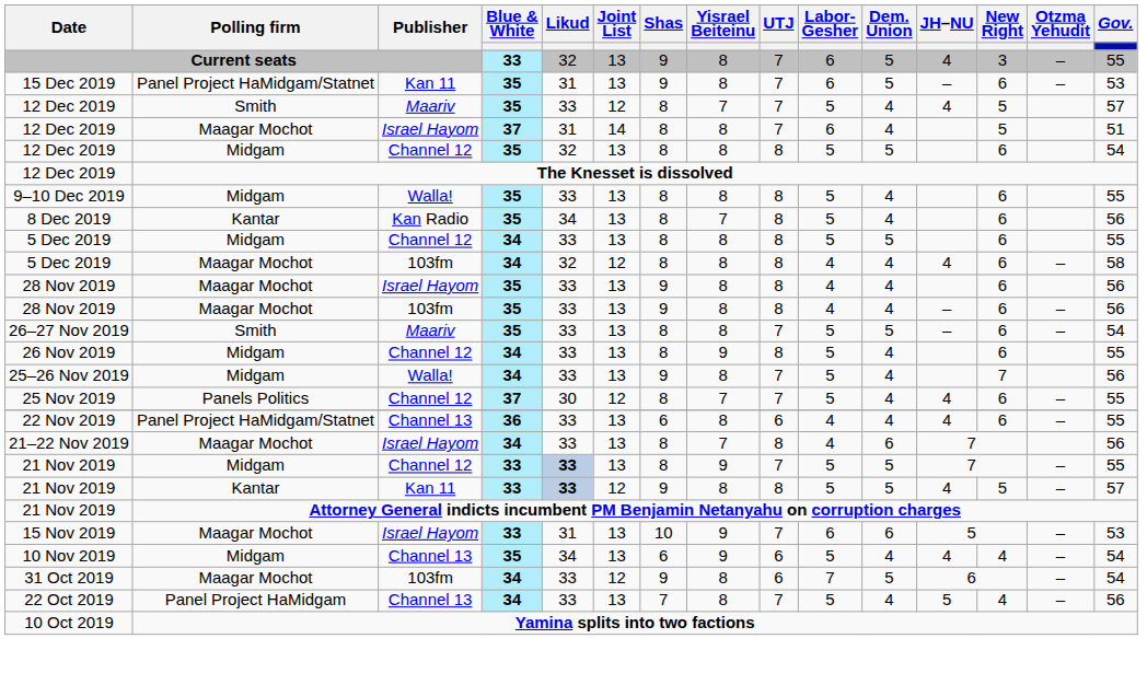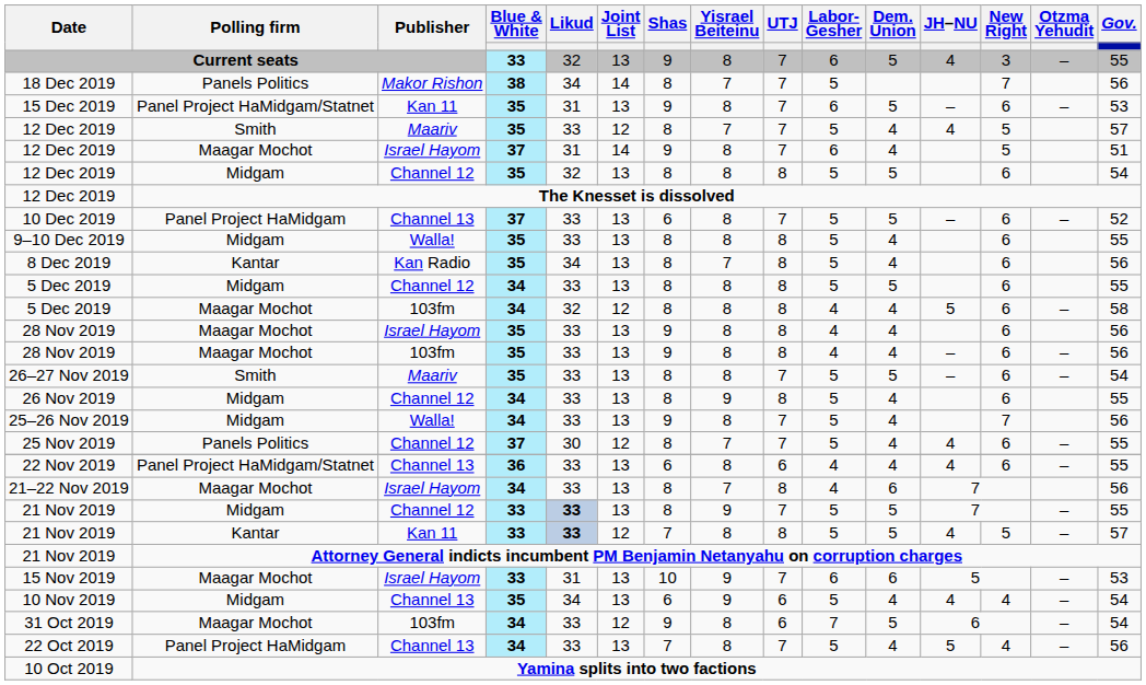 <table class="wikitable sortable" style="text-align:center;font-size:90%;line-height:13px">
 <tr>
 <th rowspan=2>Date</th>
 <th rowspan=2>Polling firm</th>
 <th rowspan=2>Publisher</th>
 <th><a href='#'>Blue &<br>White</a></th>
 <th><a href='#'>Likud</a></th>
 <th><a href='#'>Joint<br>List</a></th>
 <th><a href='#'>Shas</a></th>
 <th><a href='#'>Yisrael<br>Beiteinu</a></th>
 <th><a href='#'>UTJ</a></th>
 <th><a href='#'>Labor-<br>Gesher</a></th>
 <th><a href='#'>Dem.<br>Union</a></th>
 <th><a href='#'>JH</a>–<a href='#'>NU</a></th>
 <th><a href='#'>New<br>Right</a></th>
 <th><a href='#'>Otzma<br>Yehudit</a></th>
 <th><a href='#'><em>Gov.</em></a></th>
 </tr>
 <tr>
 <th style="background:"></th>
 <th style="background:"></th>
 <th style="background:"></th>
 <th style="background:"></th>
 <th style="background:"></th>
 <th style="background:"></th>
 <th style="background:"></th>
 <th style="background:"></th>
 <th style="background:"></th>
 <th style="background:"></th>
 <th style="background:"></th>
 <th style="background:#000EA3;"></th>
 </tr>
 <tr style="background:silver">
 <td colspan=3><strong>Current seats</strong></td>
 <td style="background:#B2EDFB"><strong>33</strong>	</td>
 <td>32					</td>
 <td>13					</td>
 <td>9					</td>
 <td>8					</td>
 <td>7					</td>
 <td>6					</td>
 <td>5					</td>
 <td>4					</td>
 <td>3					</td>
 <td>–					</td>
 <td>55					</td>
 </tr>
 <tr>
+<td data-sort-value="2019-12-18">18 Dec 2019</td>
+<td>Panels Politics</td>
+<td><em><a href='#'>Makor Rishon</a></em></td>
+<td style="background:#B2EDFB"><strong>38</strong>	</td>
+<td>34					</td>
+<td>14					</td>
+<td>8					</td>
+<td>7					</td>
+<td>7					</td>
+<td>5					</td>
+<td>			</td>
+<td>			</td>
+<td>7					</td>
+<td>			</td>
+<td>56					</td>
+</tr>
+<tr>
 <td data-sort-value="2019-12-15">15 Dec 2019</td>
 <td>Panel Project HaMidgam/Statnet</td>
 <td><a href='#'>Kan 11</a></td>
 <td style="background:#B2EDFB"><strong>35</strong>	</td>
 <td>31					</td>
 <td>13					</td>
 <td>9					</td>
 <td>8					</td>
 <td>7					</td>
 <td>6					</td>
 <td>5					</td>
 <td>–					</td>
 <td>6					</td>
 <td>–					</td>
 <td>53					</td>
 </tr>
 <tr>
 <td data-sort-value="2019-12-12">12 Dec 2019</td>
 <td>Smith</td>
 <td><em><a href='#'>Maariv</a></em></td>
 <td style="background:#B2EDFB"><strong>35</strong>	</td>
 <td>33					</td>
 <td>12					</td>
 <td>8					</td>
 <td>7					</td>
 <td>7					</td>
 <td>5					</td>
 <td>4					</td>
 <td>4<br>					</td>
 <td>5					</td>
 <td>			</td>
 <td>57					</td>
 </tr>
 <tr>
 <td data-sort-value="2019-12-12">12 Dec 2019</td>
 <td>Maagar Mochot</td>
 <td><em><a href='#'>Israel Hayom</a></em></td>
 <td style="background:#B2EDFB"><strong>37</strong>	</td>
 <td>31					</td>
 <td>14					</td>
-<td>8					</td>
+<td>9					</td>
 <td>8					</td>
 <td>7					</td>
 <td>6					</td>
 <td>4					</td>
 <td>				</td>
 <td>5					</td>
 <td>				</td>
 <td>51					</td>
 </tr>
 <tr>
 <td data-sort-value="2019-12-12">12 Dec 2019</td>
 <td>Midgam</td>
 <td><a href='#'>Channel 12</a></td>
 <td style="background:#B2EDFB"><strong>35</strong>	</td>
 <td>32					</td>
 <td>13					</td>
 <td>8					</td>
 <td>8					</td>
 <td>8					</td>
 <td>5					</td>
 <td>5					</td>
 <td>			</td>
 <td>6					</td>
 <td>			</td>
 <td>54					</td>
 </tr>
 <tr>
 <td data-sort-value="2019-12-12">12 Dec 2019</td>
 <td colspan=14><strong>The Knesset is dissolved</strong></td>
+</tr>
+<tr>
+<td data-sort-value="2019-12-10">10 Dec 2019</td>
+<td>Panel Project HaMidgam</td>
+<td><a href='#'>Channel 13</a></td>
+<td style="background:#B2EDFB"><strong>37</strong>	</td>
+<td>33					</td>
+<td>13					</td>
+<td>6					</td>
+<td>8					</td>
+<td>7					</td>
+<td>5					</td>
+<td>5					</td>
+<td>–					</td>
+<td>6					</td>
+<td>–					</td>
+<td>52					</td>
 </tr>
 <tr>
 <td data-sort-value="2019-12-10">9–10 Dec 2019</td>
 <td>Midgam</td>
 <td><a href='#'>Walla!</a></td>
 <td style="background:#B2EDFB"><strong>35</strong>	</td>
 <td>33					</td>
 <td>13					</td>
 <td>8					</td>
 <td>8					</td>
 <td>8					</td>
 <td>5					</td>
 <td>4					</td>
 <td>			</td>
 <td>6					</td>
 <td>			</td>
 <td>55					</td>
 </tr>
 <tr>
 <td data-sort-value="2019-12-08">8 Dec 2019</td>
 <td>Kantar</td>
 <td><a href='#'>Kan</a> Radio</td>
 <td style="background:#B2EDFB"><strong>35</strong>	</td>
 <td>34					</td>
 <td>13					</td>
 <td>8					</td>
 <td>7					</td>
 <td>8					</td>
 <td>5					</td>
 <td>4					</td>
 <td>			</td>
 <td>6					</td>
 <td>			</td>
 <td>56					</td>
 </tr>
 <tr>
 <td data-sort-value="2019-12-05">5 Dec 2019</td>
 <td>Midgam</td>
 <td><a href='#'>Channel 12</a></td>
 <td style="background:#B2EDFB"><strong>34</strong>	</td>
 <td>33					</td>
 <td>13					</td>
 <td>8					</td>
 <td>8					</td>
 <td>8					</td>
 <td>5					</td>
 <td>5					</td>
 <td>			</td>
 <td>6					</td>
 <td>			</td>
 <td>55					</td>
 </tr>
 <tr>
 <td data-sort-value="2019-12-05">5 Dec 2019</td>
 <td>Maagar Mochot</td>
 <td>103fm</td>
 <td style="background:#B2EDFB"><strong>34</strong>	</td>
 <td>32					</td>
 <td>12					</td>
 <td>8					</td>
 <td>8					</td>
 <td>8					</td>
 <td>4					</td>
 <td>4					</td>
-<td>4					</td>
+<td>5					</td>
 <td>6					</td>
 <td>–					</td>
 <td>58					</td>
 </tr>
 <tr>
 <td data-sort-value="2019-11-28">28 Nov 2019</td>
 <td>Maagar Mochot</td>
 <td><em><a href='#'>Israel Hayom</a></em></td>
 <td style="background:#B2EDFB"><strong>35</strong>	</td>
 <td>33					</td>
 <td>13					</td>
 <td>9					</td>
 <td>8					</td>
 <td>8					</td>
 <td>4					</td>
 <td>4					</td>
 <td>				</td>
 <td>6					</td>
 <td>				</td>
 <td>56					</td>
 </tr>
 <tr>
 <td data-sort-value="2019-11-28">28 Nov 2019</td>
 <td>Maagar Mochot</td>
 <td>103fm</td>
 <td style="background:#B2EDFB"><strong>35</strong>	</td>
 <td>33					</td>
 <td>13					</td>
 <td>9					</td>
 <td>8					</td>
 <td>8					</td>
 <td>4					</td>
 <td>4					</td>
 <td>–					</td>
 <td>6					</td>
 <td>–					</td>
 <td>56					</td>
 </tr>
 <tr>
 <td data-sort-value="2019-11-27">26–27 Nov 2019</td>
 <td>Smith</td>
 <td><em><a href='#'>Maariv</a></em></td>
 <td style="background:#B2EDFB"><strong>35</strong>	</td>
 <td>33					</td>
 <td>13					</td>
 <td>8					</td>
 <td>8					</td>
 <td>7					</td>
 <td>5					</td>
 <td>5					</td>
 <td>–					</td>
 <td>6					</td>
 <td>–					</td>
 <td>54					</td>
 </tr>
 <tr>
 <td data-sort-value="2019-11-26">26 Nov 2019</td>
 <td>Midgam</td>
 <td><a href='#'>Channel 12</a></td>
 <td style="background:#B2EDFB"><strong>34</strong>	</td>
 <td>33					</td>
 <td>13					</td>
 <td>8					</td>
 <td>9					</td>
 <td>8					</td>
 <td>5					</td>
 <td>4					</td>
 <td>			</td>
 <td>6					</td>
 <td>			</td>
 <td>55					</td>
 </tr>
 <tr>
 <td data-sort-value="2019-11-26">25–26 Nov 2019</td>
 <td>Midgam</td>
 <td><a href='#'>Walla!</a></td>
 <td style="background:#B2EDFB"><strong>34</strong>	</td>
 <td>33					</td>
 <td>13					</td>
 <td>9					</td>
 <td>8					</td>
 <td>7					</td>
 <td>5					</td>
 <td>4					</td>
 <td>			</td>
 <td>7					</td>
 <td>			</td>
 <td>56					</td>
 </tr>
 <tr>
 <td data-sort-value="2019-11-25">25 Nov 2019</td>
 <td>Panels Politics</td>
 <td><a href='#'>Channel 12</a></td>
 <td style="background:#B2EDFB"><strong>37</strong>	</td>
 <td>30					</td>
 <td>12					</td>
 <td>8					</td>
 <td>7					</td>
 <td>7					</td>
 <td>5					</td>
 <td>4					</td>
 <td>4					</td>
 <td>6					</td>
 <td>–					</td>
 <td>55					</td>
 </tr>
 <tr>
 </tr>
 <tr>
 <td data-sort-value="2019-11-22">22 Nov 2019</td>
 <td>Panel Project HaMidgam/Statnet</td>
 <td><a href='#'>Channel 13</a></td>
 <td style="background:#B2EDFB"><strong>36</strong>	</td>
 <td>33					</td>
 <td>13					</td>
 <td>6					</td>
 <td>8					</td>
 <td>6					</td>
 <td>4					</td>
 <td>4					</td>
 <td>4					</td>
 <td>6					</td>
 <td>–					</td>
 <td>55					</td>
 </tr>
 <tr>
 <td data-sort-value="2019-11-22">21–22 Nov 2019</td>
 <td>Maagar Mochot</td>
 <td><em><a href='#'>Israel Hayom</a></em></td>
 <td style="background:#B2EDFB"><strong>34</strong>	</td>
 <td>33					</td>
 <td>13					</td>
 <td>8					</td>
 <td>7					</td>
 <td>8					</td>
 <td>4					</td>
 <td>6					</td>
 <td colspan=2>7				</td>
 <td>				</td>
 <td>56					</td>
 </tr>
 <tr>
 <td data-sort-value="2019-11-21">21 Nov 2019</td>
 <td>Midgam</td>
 <td><a href='#'>Channel 12</a></td>
 <td style="background:#B2EDFB"><strong>33</strong>	</td>
 <td style="background:#BBCDE4"><strong>33</strong>	</td>
 <td>13					</td>
 <td>8					</td>
 <td>9					</td>
 <td>7					</td>
 <td>5					</td>
 <td>5					</td>
 <td colspan=2>7				</td>
 <td>–					</td>
 <td>55					</td>
 </tr>
 <tr>
 <td data-sort-value="2019-11-21">21 Nov 2019</td>
 <td>Kantar</td>
 <td><a href='#'>Kan 11</a></td>
 <td style="background:#B2EDFB"><strong>33</strong>	</td>
 <td style="background:#BBCDE4"><strong>33</strong>	</td>
 <td>12					</td>
-<td>9					</td>
+<td>7					</td>
 <td>8					</td>
 <td>8					</td>
 <td>5					</td>
 <td>5					</td>
 <td>4					</td>
 <td>5					</td>
 <td>–					</td>
 <td>57					</td>
 </tr>
 <tr>
 <td data-sort-value="2019-11-21">21 Nov 2019</td>
 <td colspan=14><strong><a href='#'>Attorney General</a> indicts incumbent <a href='#'>PM Benjamin Netanyahu</a> on <a href='#'>corruption charges</a></strong></td>
 </tr>
 <tr>
 <td data-sort-value="2019-11-15">15 Nov 2019</td>
 <td>Maagar Mochot</td>
 <td><em><a href='#'>Israel Hayom</a></em></td>
 <td style="background:#B2EDFB"><strong>33</strong>	</td>
 <td>31					</td>
 <td>13					</td>
 <td>10					</td>
 <td>9					</td>
 <td>7					</td>
 <td>6					</td>
 <td>6					</td>
 <td colspan=2>5				</td>
 <td>–					</td>
 <td>53					</td>
 </tr>
 <tr>
 <td data-sort-value="2019-11-10">10 Nov 2019</td>
 <td>Midgam</td>
 <td><a href='#'>Channel 13</a></td>
 <td style="background:#B2EDFB"><strong>35</strong>	</td>
 <td>34					</td>
 <td>13					</td>
 <td>6					</td>
 <td>9					</td>
 <td>6					</td>
 <td>5					</td>
 <td>4					</td>
 <td>4					</td>
 <td>4					</td>
 <td>–					</td>
 <td>54					</td>
 </tr>
 <tr>
 <td data-sort-value="2019-10-31">31 Oct 2019</td>
 <td>Maagar Mochot</td>
 <td>103fm</td>
 <td style="background:#B2EDFB"><strong>34</strong>	</td>
 <td>33					</td>
 <td>12					</td>
 <td>9					</td>
 <td>8					</td>
 <td>6					</td>
 <td>7					</td>
 <td>5					</td>
 <td colspan=2>6				</td>
 <td>–					</td>
 <td>54					</td>
 </tr>
 <tr>
 <td data-sort-value="2019-10-22">22 Oct 2019</td>
 <td>Panel Project HaMidgam</td>
 <td><a href='#'>Channel 13</a></td>
 <td style="background:#B2EDFB"><strong>34</strong>	</td>
 <td>33					</td>
 <td>13					</td>
 <td>7					</td>
 <td>8					</td>
 <td>7					</td>
 <td>5					</td>
 <td>4					</td>
 <td>5					</td>
 <td>4					</td>
 <td>–					</td>
 <td>56					</td>
 </tr>
 <tr>
 <td data-sort-value="2019-10-10">10 Oct 2019</td>
 <td colspan=14><strong><a href='#'>Yamina</a> splits into two factions</strong></td>
 </tr>
 </table>
